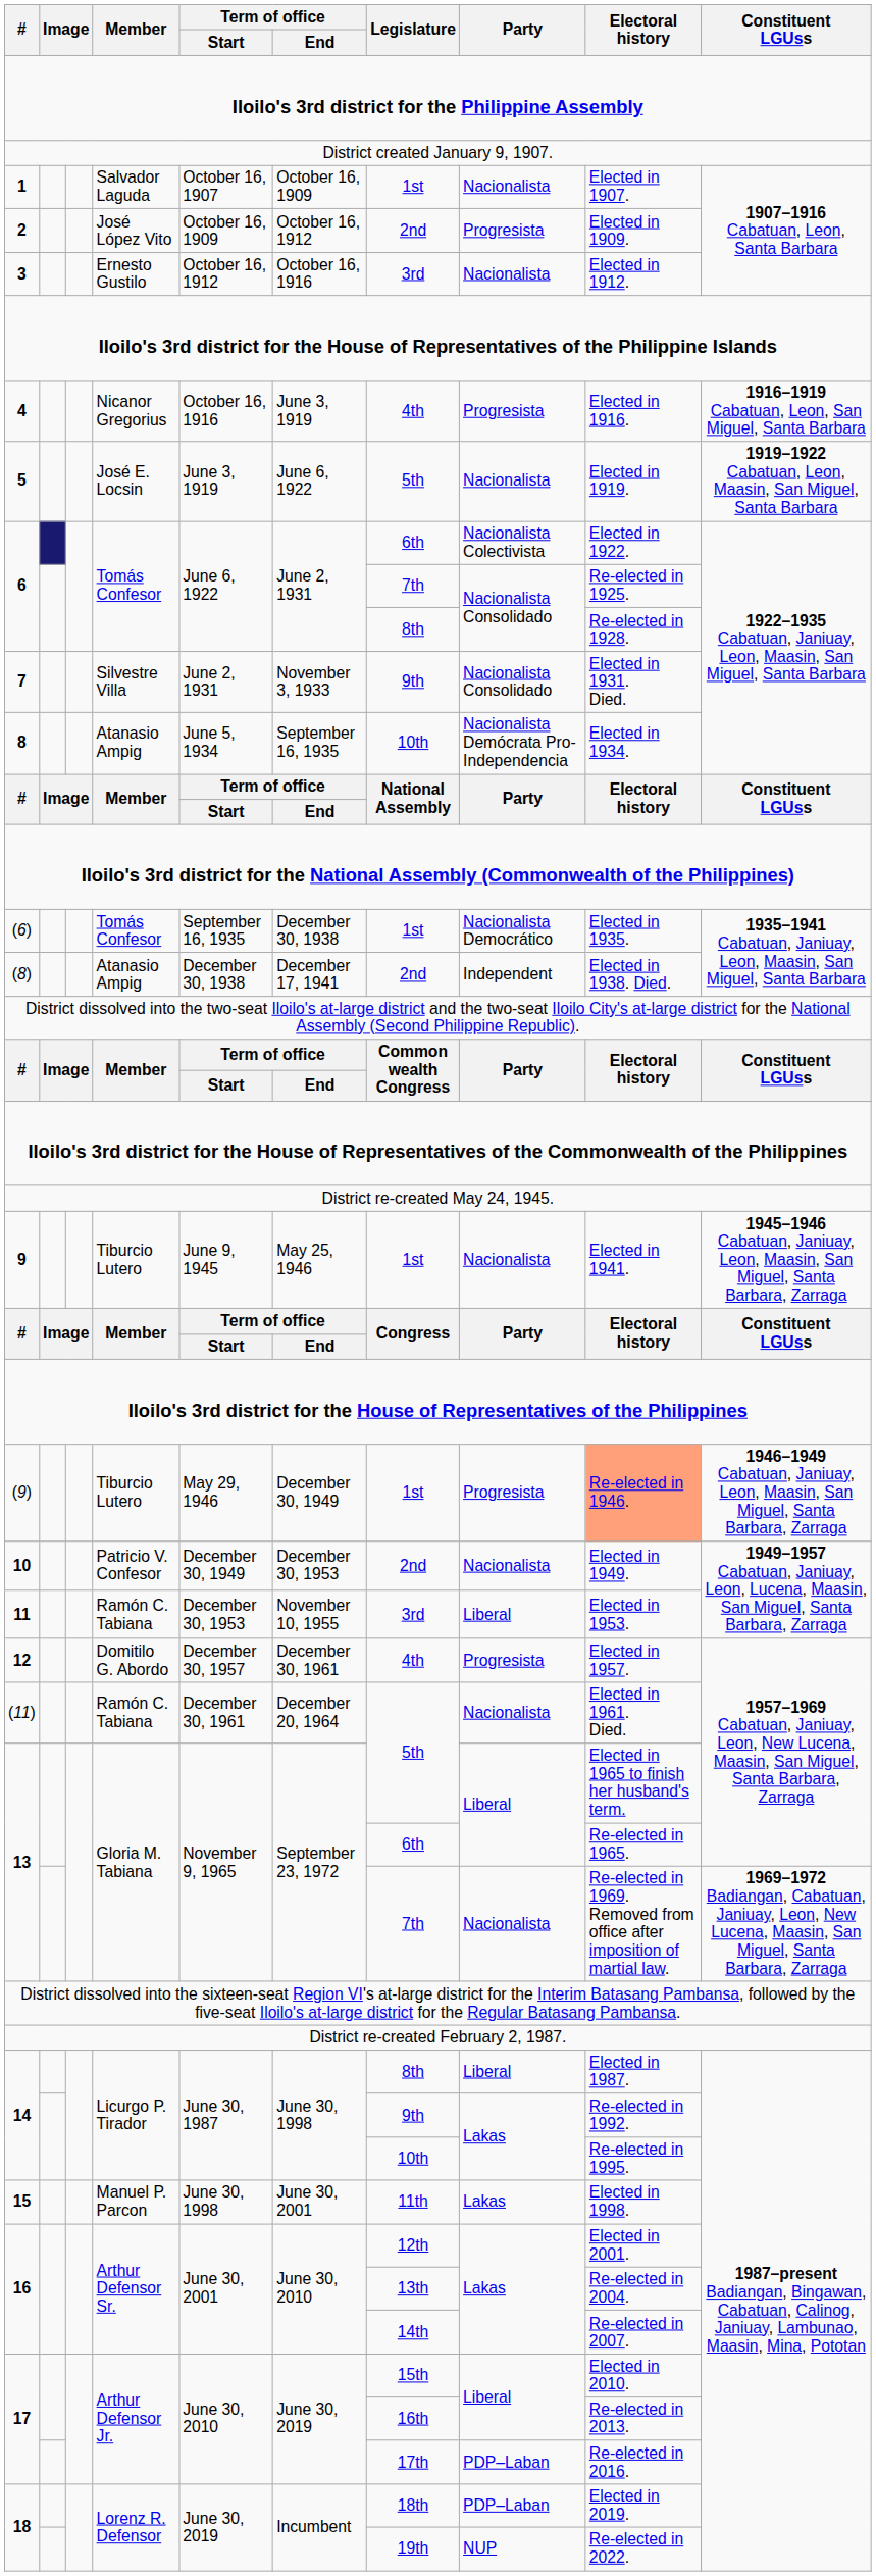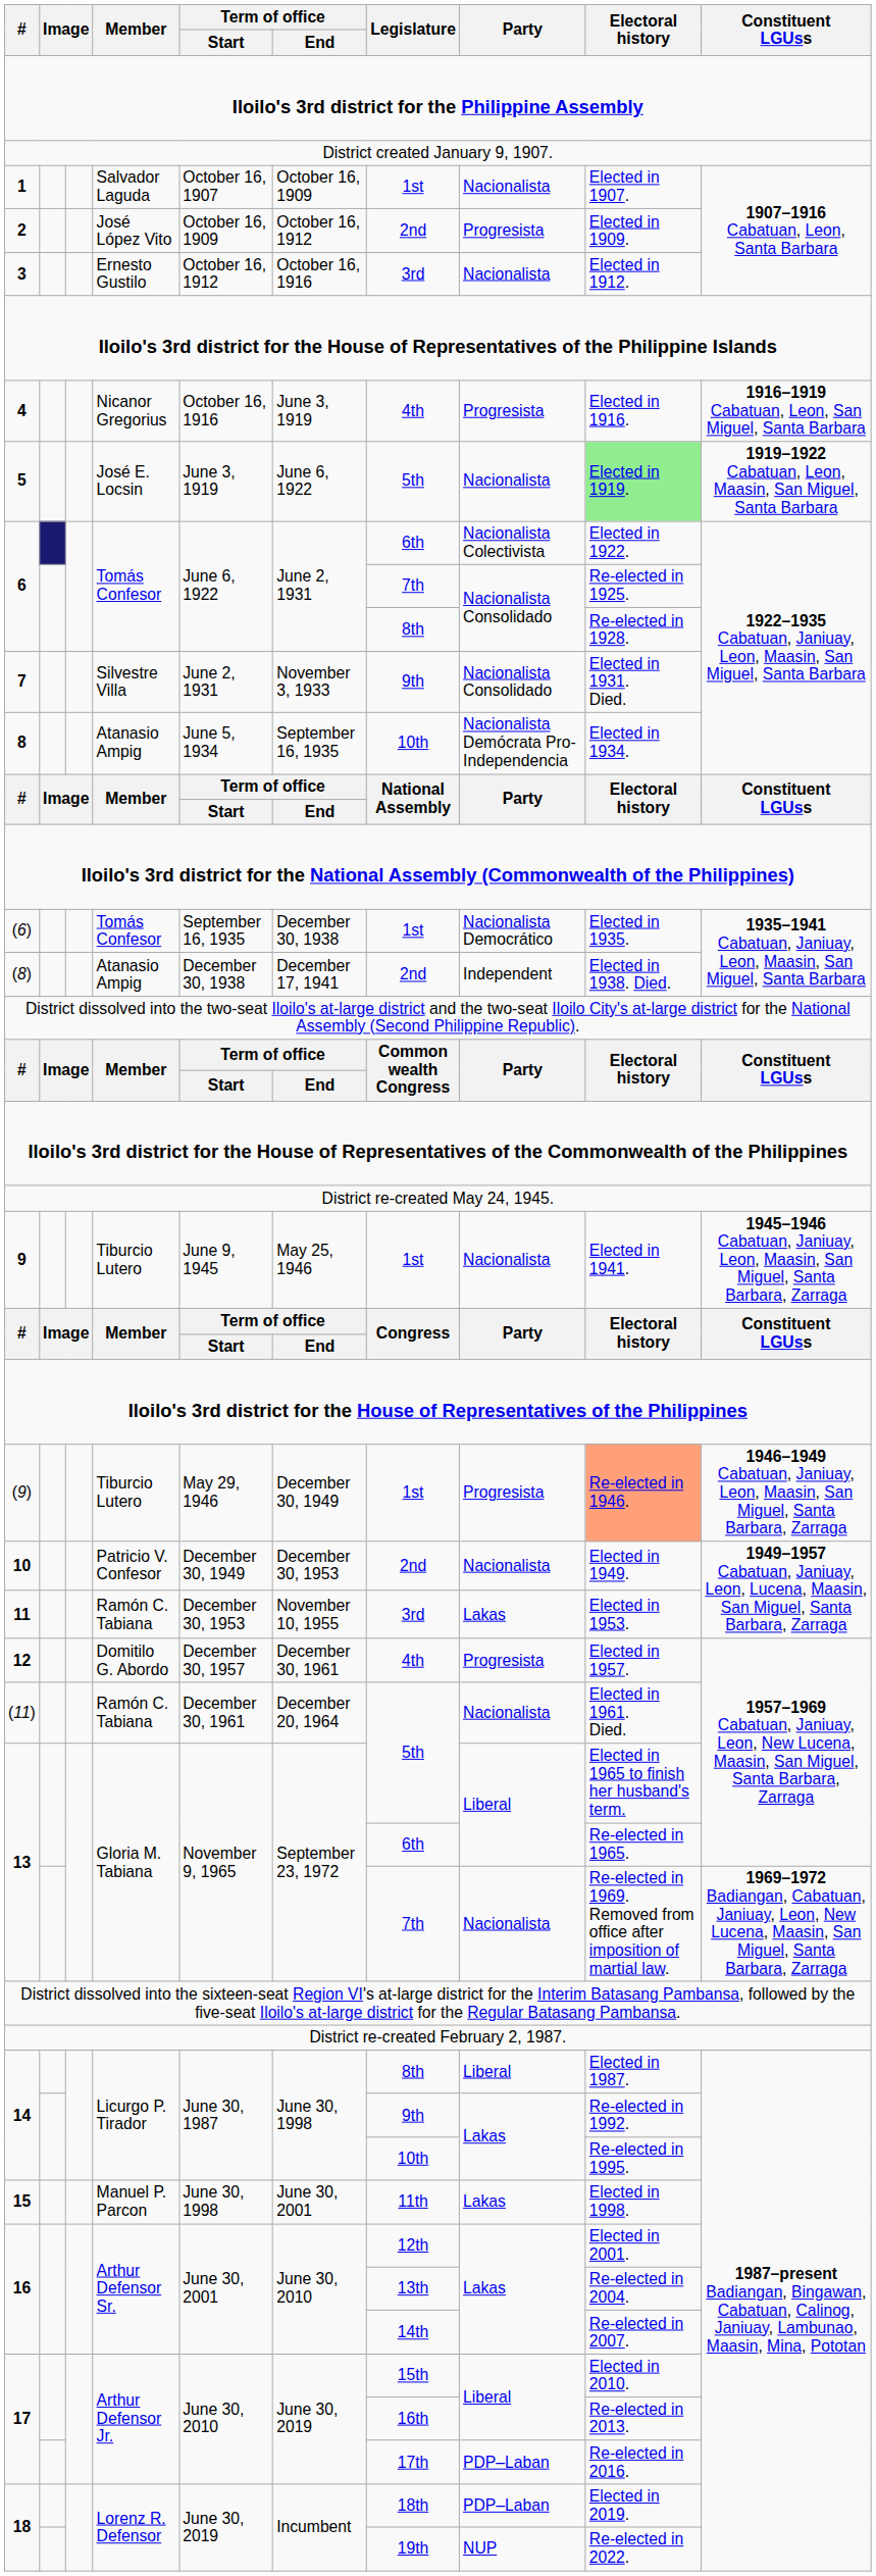 <table class=wikitable>
 <tr>
 <th rowspan="2">#</th>
 <th rowspan="2" colspan=2>Image</th>
 <th rowspan="2">Member</th>
 <th colspan=2>Term of office</th>
 <th rowspan="2">Legislature</th>
 <th rowspan="2">Party</th>
 <th rowspan="2">Electoral history</th>
 <th rowspan="2">Constituent<br><a href='#'>LGUs</a>s</th>
 </tr>
 <tr>
 <th>Start</th>
 <th>End</th>
 </tr>
 <tr>
 <td colspan="10" style="text-align:center;"><br><h3>Iloilo's 3rd district for the <a href='#'>Philippine Assembly</a></h3></td>
 </tr>
 <tr>
 <td colspan="10" style="text-align:center;">District created January 9, 1907.</td>
 </tr>
 <tr>
 <td style="text-align:center;"><strong>1</strong></td>
 <td style="color:inherit;background:"></td>
 <td></td>
 <td>Salvador Laguda</td>
 <td>October 16, 1907</td>
 <td>October 16, 1909</td>
 <td style="text-align:center;"><a href='#'>1st</a></td>
 <td><a href='#'>Nacionalista</a></td>
 <td><a href='#'>Elected in 1907</a>.</td>
 <td rowspan="3" style="text-align:center;"><strong>1907–1916</strong><br><a href='#'>Cabatuan</a>, <a href='#'>Leon</a>, <a href='#'>Santa Barbara</a></td>
 </tr>
 <tr>
 <td style="text-align:center;"><strong>2</strong></td>
 <td style="color:inherit;background:"></td>
 <td></td>
 <td>José López Vito</td>
 <td>October 16, 1909</td>
 <td>October 16, 1912</td>
 <td style="text-align:center;"><a href='#'>2nd</a></td>
 <td><a href='#'>Progresista</a></td>
 <td><a href='#'>Elected in 1909</a>.</td>
 </tr>
 <tr>
 <td style="text-align:center;"><strong>3</strong></td>
 <td style="color:inherit;background:"></td>
 <td></td>
 <td>Ernesto Gustilo</td>
 <td>October 16, 1912</td>
 <td>October 16, 1916</td>
 <td style="text-align:center;"><a href='#'>3rd</a></td>
 <td><a href='#'>Nacionalista</a></td>
 <td><a href='#'>Elected in 1912</a>.</td>
 </tr>
 <tr>
 <td colspan="10" style="text-align:center;"><br><h3>Iloilo's 3rd district for the House of Representatives of the Philippine Islands</h3></td>
 </tr>
 <tr>
 <td style="text-align:center;"><strong>4</strong></td>
 <td style="color:inherit;background:"></td>
 <td></td>
 <td>Nicanor Gregorius</td>
 <td>October 16, 1916</td>
 <td>June 3, 1919</td>
 <td style="text-align:center;"><a href='#'>4th</a></td>
 <td><a href='#'>Progresista</a></td>
 <td><a href='#'>Elected in 1916</a>.</td>
 <td style="text-align:center;"><strong>1916–1919</strong><br><a href='#'>Cabatuan</a>, <a href='#'>Leon</a>, <a href='#'>San Miguel</a>, <a href='#'>Santa Barbara</a></td>
 </tr>
 <tr>
 <td style="text-align:center;"><strong>5</strong></td>
 <td style="color:inherit;background:"></td>
 <td></td>
 <td>José E. Locsin</td>
 <td>June 3, 1919</td>
 <td>June 6, 1922</td>
 <td style="text-align:center;"><a href='#'>5th</a></td>
 <td><a href='#'>Nacionalista</a></td>
-<td><a href='#'>Elected in 1919</a>.</td>
+<td style="background: lightgreen;"><a href='#'>Elected in 1919</a>.</td>
 <td style="text-align:center;"><strong>1919–1922</strong><br><a href='#'>Cabatuan</a>, <a href='#'>Leon</a>, <a href='#'>Maasin</a>, <a href='#'>San Miguel</a>, <a href='#'>Santa Barbara</a></td>
 </tr>
 <tr>
 <td rowspan="3" style="text-align:center;"><strong>6</strong></td>
 <td style="background-color:#191970"></td>
 <td rowspan="3"></td>
 <td rowspan="3"><a href='#'>Tomás Confesor</a></td>
 <td rowspan="3">June 6, 1922</td>
 <td rowspan="3">June 2, 1931</td>
 <td style="text-align:center;"><a href='#'>6th</a></td>
 <td><a href='#'>Nacionalista</a><br>Colectivista</td>
 <td><a href='#'>Elected in 1922</a>.</td>
 <td rowspan="5" style="text-align:center;"><strong>1922–1935</strong><br><a href='#'>Cabatuan</a>, <a href='#'>Janiuay</a>, <a href='#'>Leon</a>, <a href='#'>Maasin</a>, <a href='#'>San Miguel</a>, <a href='#'>Santa Barbara</a></td>
 </tr>
 <tr>
 <td rowspan="2" style="color:inherit;background:"></td>
 <td style="text-align:center;"><a href='#'>7th</a></td>
 <td rowspan="2"><a href='#'>Nacionalista</a><br>Consolidado</td>
 <td><a href='#'>Re-elected in 1925</a>.</td>
 </tr>
 <tr>
 <td style="text-align:center;"><a href='#'>8th</a></td>
 <td><a href='#'>Re-elected in 1928</a>.</td>
 </tr>
 <tr>
 <td style="text-align:center;"><strong>7</strong></td>
 <td style="color:inherit;background:"></td>
 <td></td>
 <td>Silvestre Villa</td>
 <td>June 2, 1931</td>
 <td>November 3, 1933</td>
 <td style="text-align:center;"><a href='#'>9th</a></td>
 <td><a href='#'>Nacionalista</a><br>Consolidado</td>
 <td><a href='#'>Elected in 1931</a>.<br>Died.</td>
 </tr>
 <tr>
 <td style="text-align:center;"><strong>8</strong></td>
 <td style="color:inherit;background:"></td>
 <td></td>
 <td>Atanasio Ampig</td>
 <td>June 5, 1934</td>
 <td>September 16, 1935</td>
 <td style="text-align:center;"><a href='#'>10th</a></td>
 <td><a href='#'>Nacionalista</a><br>Demócrata Pro-Independencia</td>
 <td><a href='#'>Elected in 1934</a>.</td>
 </tr>
 <tr>
 <th rowspan="2">#</th>
 <th rowspan="2" colspan=2>Image</th>
 <th rowspan="2">Member</th>
 <th colspan=2>Term of office</th>
 <th rowspan="2">National<br>Assembly</th>
 <th rowspan="2">Party</th>
 <th rowspan="2">Electoral history</th>
 <th rowspan="2">Constituent<br><a href='#'>LGUs</a>s</th>
 </tr>
 <tr>
 <th>Start</th>
 <th>End</th>
 </tr>
 <tr>
 <td colspan="10" style="text-align:center;"><br><h3>Iloilo's 3rd district for the <a href='#'>National Assembly (Commonwealth of the Philippines)</a></h3></td>
 </tr>
 <tr>
 <td style="text-align:center;">(<em>6</em>)</td>
 <td style="color:inherit;background:"></td>
 <td></td>
 <td><a href='#'>Tomás Confesor</a></td>
 <td>September 16, 1935</td>
 <td>December 30, 1938</td>
 <td style="text-align:center;"><a href='#'>1st</a></td>
 <td><a href='#'>Nacionalista</a><br>Democrático</td>
 <td><a href='#'>Elected in 1935</a>.</td>
 <td rowspan="2" style="text-align:center;"><strong>1935–1941</strong><br><a href='#'>Cabatuan</a>, <a href='#'>Janiuay</a>, <a href='#'>Leon</a>, <a href='#'>Maasin</a>, <a href='#'>San Miguel</a>, <a href='#'>Santa Barbara</a></td>
 </tr>
 <tr>
 <td style="text-align:center;">(<em>8</em>)</td>
 <td style="color:inherit;background:"></td>
 <td></td>
 <td>Atanasio Ampig</td>
 <td>December 30, 1938</td>
 <td>December 17, 1941</td>
 <td style="text-align:center;"><a href='#'>2nd</a></td>
 <td>Independent</td>
 <td><a href='#'>Elected in 1938</a>. <a href='#'>Died</a>.</td>
 </tr>
 <tr>
 <td colspan="10" style="text-align:center;">District dissolved into the two-seat <a href='#'>Iloilo's at-large district</a> and the two-seat <a href='#'>Iloilo City's at-large district</a> for the <a href='#'>National Assembly (Second Philippine Republic)</a>.</td>
 </tr>
 <tr>
 <th rowspan="2">#</th>
 <th rowspan="2" colspan=2>Image</th>
 <th rowspan="2">Member</th>
 <th colspan=2>Term of office</th>
 <th rowspan="2">Common<br>wealth<br>Congress</th>
 <th rowspan="2">Party</th>
 <th rowspan="2">Electoral history</th>
 <th rowspan="2">Constituent<br><a href='#'>LGUs</a>s</th>
 </tr>
 <tr>
 <th>Start</th>
 <th>End</th>
 </tr>
 <tr>
 <td colspan="10" style="text-align:center;"><br><h3>Iloilo's 3rd district for the House of Representatives of the Commonwealth of the Philippines</h3></td>
 </tr>
 <tr>
 <td colspan="10" style="text-align:center;">District re-created May 24, 1945.</td>
 </tr>
 <tr>
 <td style="text-align:center;"><strong>9</strong></td>
 <td style="color:inherit;background:"></td>
 <td></td>
 <td>Tiburcio Lutero</td>
 <td>June 9, 1945</td>
 <td>May 25, 1946</td>
 <td style="text-align:center;"><a href='#'>1st</a></td>
 <td><a href='#'>Nacionalista</a></td>
 <td><a href='#'>Elected in 1941</a>.</td>
 <td style="text-align:center;"><strong>1945–1946</strong><br><a href='#'>Cabatuan</a>, <a href='#'>Janiuay</a>, <a href='#'>Leon</a>, <a href='#'>Maasin</a>, <a href='#'>San Miguel</a>, <a href='#'>Santa Barbara</a>, <a href='#'>Zarraga</a></td>
 </tr>
 <tr>
 <th rowspan="2">#</th>
 <th rowspan="2" colspan=2>Image</th>
 <th rowspan="2">Member</th>
 <th colspan=2>Term of office</th>
 <th rowspan="2">Congress</th>
 <th rowspan="2">Party</th>
 <th rowspan="2">Electoral history</th>
 <th rowspan="2">Constituent<br><a href='#'>LGUs</a>s</th>
 </tr>
 <tr>
 <th>Start</th>
 <th>End</th>
 </tr>
 <tr>
 <td colspan="10" style="text-align:center;"><br><h3>Iloilo's 3rd district for the <a href='#'>House of Representatives of the Philippines</a></h3></td>
 </tr>
 <tr>
 <td style="text-align:center;">(<em>9</em>)</td>
 <td style="color:inherit;background:"></td>
 <td></td>
 <td>Tiburcio Lutero</td>
 <td>May 29, 1946</td>
 <td>December 30, 1949</td>
 <td style="text-align:center;"><a href='#'>1st</a></td>
 <td><a href='#'>Progresista</a></td>
 <td style="background: lightsalmon;"><a href='#'>Re-elected in 1946</a>.</td>
 <td style="text-align:center;"><strong>1946–1949</strong><br><a href='#'>Cabatuan</a>, <a href='#'>Janiuay</a>, <a href='#'>Leon</a>, <a href='#'>Maasin</a>, <a href='#'>San Miguel</a>, <a href='#'>Santa Barbara</a>, <a href='#'>Zarraga</a></td>
 </tr>
 <tr>
 <td style="text-align:center;"><strong>10</strong></td>
 <td style="color:inherit;background:"></td>
 <td></td>
 <td>Patricio V. Confesor</td>
 <td>December 30, 1949</td>
 <td>December 30, 1953</td>
 <td style="text-align:center;"><a href='#'>2nd</a></td>
 <td><a href='#'>Nacionalista</a></td>
 <td><a href='#'>Elected in 1949</a>.</td>
 <td rowspan="2" style="text-align:center;"><strong>1949–1957</strong><br><a href='#'>Cabatuan</a>, <a href='#'>Janiuay</a>, <a href='#'>Leon</a>, <a href='#'>Lucena</a>, <a href='#'>Maasin</a>, <a href='#'>San Miguel</a>, <a href='#'>Santa Barbara</a>, <a href='#'>Zarraga</a></td>
 </tr>
 <tr>
 <td style="text-align:center;"><strong>11</strong></td>
 <td style="color:inherit;background:"></td>
 <td></td>
 <td>Ramón C. Tabiana</td>
 <td>December 30, 1953</td>
 <td>November 10, 1955</td>
 <td style="text-align:center;"><a href='#'>3rd</a></td>
-<td><a href='#'>Liberal</a></td>
+<td><a href='#'>Lakas</a></td>
 <td><a href='#'>Elected in 1953</a>.</td>
 </tr>
 <tr>
 <td style="text-align:center;"><strong>12</strong></td>
 <td style="color:inherit;background:"></td>
 <td></td>
 <td>Domitilo G. Abordo</td>
 <td>December 30, 1957</td>
 <td>December 30, 1961</td>
 <td style="text-align:center;"><a href='#'>4th</a></td>
 <td><a href='#'>Progresista</a></td>
 <td><a href='#'>Elected in 1957</a>.</td>
 <td rowspan="4" style="text-align:center;"><strong>1957–1969</strong><br><a href='#'>Cabatuan</a>, <a href='#'>Janiuay</a>, <a href='#'>Leon</a>, <a href='#'>New Lucena</a>, <a href='#'>Maasin</a>, <a href='#'>San Miguel</a>, <a href='#'>Santa Barbara</a>, <a href='#'>Zarraga</a></td>
 </tr>
 <tr>
 <td style="text-align:center;">(<em>11</em>)</td>
 <td style="color:inherit;background:"></td>
 <td></td>
 <td>Ramón C. Tabiana</td>
 <td>December 30, 1961</td>
 <td>December 20, 1964</td>
 <td rowspan="2" style="text-align:center;"><a href='#'>5th</a></td>
 <td><a href='#'>Nacionalista</a></td>
 <td><a href='#'>Elected in 1961</a>.<br>Died.</td>
 </tr>
 <tr>
 <td rowspan="3" style="text-align:center;"><strong>13</strong></td>
 <td rowspan="2" style="color:inherit;background:"></td>
 <td rowspan="3"></td>
 <td rowspan="3">Gloria M. Tabiana</td>
 <td rowspan="3">November 9, 1965</td>
 <td rowspan="3">September 23, 1972</td>
 <td rowspan="2"><a href='#'>Liberal</a></td>
 <td><a href='#'>Elected in 1965 to finish her husband's term.</a></td>
 </tr>
 <tr>
 <td style="text-align:center;"><a href='#'>6th</a></td>
 <td><a href='#'>Re-elected in 1965</a>.</td>
 </tr>
 <tr>
 <td style="color:inherit;background:"></td>
 <td style="text-align:center;"><a href='#'>7th</a></td>
 <td><a href='#'>Nacionalista</a></td>
 <td><a href='#'>Re-elected in 1969</a>.<br>Removed from office after <a href='#'>imposition of martial law</a>.</td>
 <td style="text-align:center;"><strong>1969–1972</strong><br><a href='#'>Badiangan</a>, <a href='#'>Cabatuan</a>, <a href='#'>Janiuay</a>, <a href='#'>Leon</a>, <a href='#'>New Lucena</a>, <a href='#'>Maasin</a>, <a href='#'>San Miguel</a>, <a href='#'>Santa Barbara</a>, <a href='#'>Zarraga</a></td>
 </tr>
 <tr>
 <td colspan="10" style="text-align:center;">District dissolved into the sixteen-seat <a href='#'>Region VI</a>'s at-large district for the <a href='#'>Interim Batasang Pambansa</a>, followed by the five-seat <a href='#'>Iloilo's at-large district</a> for the <a href='#'>Regular Batasang Pambansa</a>.</td>
 </tr>
 <tr>
 <td colspan="10" style="text-align:center;">District re-created February 2, 1987.</td>
 </tr>
 <tr>
 <td rowspan="3" style="text-align:center;"><strong>14</strong></td>
 <td style="color:inherit;background:"></td>
 <td rowspan="3"></td>
 <td rowspan="3">Licurgo P. Tirador</td>
 <td rowspan="3">June 30, 1987</td>
 <td rowspan="3">June 30, 1998</td>
 <td style="text-align:center;"><a href='#'>8th</a></td>
 <td><a href='#'>Liberal</a></td>
 <td><a href='#'>Elected in 1987</a>.</td>
 <td rowspan="12" style="text-align:center;"><strong>1987–present</strong><br><a href='#'>Badiangan</a>, <a href='#'>Bingawan</a>, <a href='#'>Cabatuan</a>, <a href='#'>Calinog</a>, <a href='#'>Janiuay</a>, <a href='#'>Lambunao</a>, <a href='#'>Maasin</a>, <a href='#'>Mina</a>, <a href='#'>Pototan</a></td>
 </tr>
 <tr>
 <td rowspan="2" style="color:inherit;background:"></td>
 <td style="text-align:center;"><a href='#'>9th</a></td>
 <td rowspan="2"><a href='#'>Lakas</a></td>
 <td><a href='#'>Re-elected in 1992</a>.</td>
 </tr>
 <tr>
 <td style="text-align:center;"><a href='#'>10th</a></td>
 <td><a href='#'>Re-elected in 1995</a>.</td>
 </tr>
 <tr>
 <td style="text-align:center;"><strong>15</strong></td>
 <td style="color:inherit;background:"></td>
 <td></td>
 <td>Manuel P. Parcon</td>
 <td>June 30, 1998</td>
 <td>June 30, 2001</td>
 <td style="text-align:center;"><a href='#'>11th</a></td>
 <td><a href='#'>Lakas</a></td>
 <td><a href='#'>Elected in 1998</a>.</td>
 </tr>
 <tr>
 <td rowspan="3" style="text-align:center;"><strong>16</strong></td>
 <td rowspan="3" style="color:inherit;background:"></td>
 <td rowspan="3"></td>
 <td rowspan="3"><a href='#'>Arthur Defensor Sr.</a></td>
 <td rowspan="3">June 30, 2001</td>
 <td rowspan="3">June 30, 2010</td>
 <td style="text-align:center;"><a href='#'>12th</a></td>
 <td rowspan="3"><a href='#'>Lakas</a></td>
 <td><a href='#'>Elected in 2001</a>.</td>
 </tr>
 <tr>
 <td style="text-align:center;"><a href='#'>13th</a></td>
 <td><a href='#'>Re-elected in 2004</a>.</td>
 </tr>
 <tr>
 <td style="text-align:center;"><a href='#'>14th</a></td>
 <td><a href='#'>Re-elected in 2007</a>.</td>
 </tr>
 <tr>
 <td rowspan="3" style="text-align:center;"><strong>17</strong></td>
 <td rowspan="2" style="color:inherit;background:"></td>
 <td rowspan="3"></td>
 <td rowspan="3"><a href='#'>Arthur Defensor Jr.</a></td>
 <td rowspan="3">June 30, 2010</td>
 <td rowspan="3">June 30, 2019</td>
 <td style="text-align:center;"><a href='#'>15th</a></td>
 <td rowspan="2"><a href='#'>Liberal</a></td>
 <td><a href='#'>Elected in 2010</a>.</td>
 </tr>
 <tr>
 <td style="text-align:center;"><a href='#'>16th</a></td>
 <td><a href='#'>Re-elected in 2013</a>.</td>
 </tr>
 <tr>
 <td style="color:inherit;background:"></td>
 <td style="text-align:center;"><a href='#'>17th</a></td>
 <td><a href='#'>PDP–Laban</a></td>
 <td><a href='#'>Re-elected in 2016</a>.</td>
 </tr>
 <tr>
 <td rowspan="2" style="text-align:center;"><strong>18</strong></td>
 <td style="color:inherit;background:"></td>
 <td rowspan="2"></td>
 <td rowspan="2"><a href='#'>Lorenz R. Defensor</a></td>
 <td rowspan="2">June 30, 2019</td>
 <td rowspan="2">Incumbent</td>
 <td style="text-align:center;"><a href='#'>18th</a></td>
 <td><a href='#'>PDP–Laban</a></td>
 <td><a href='#'>Elected in 2019</a>.</td>
 </tr>
 <tr>
 <td style="color:inherit;background:"></td>
 <td style="text-align:center;"><a href='#'>19th</a></td>
 <td><a href='#'>NUP</a></td>
 <td><a href='#'>Re-elected in 2022</a>.</td>
 </tr>
 </table>
